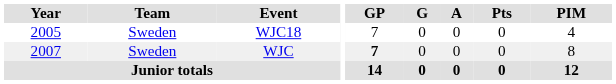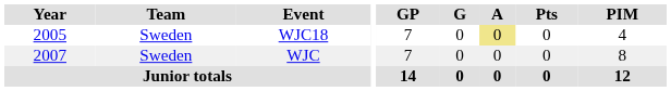 <table border="0" cellpadding="1" cellspacing="0" ID="Table3" style="text-align:center; width:40em">
 <tr ALIGN="center" bgcolor="#e0e0e0">
 <th>Year</th>
 <th>Team</th>
 <th>Event</th>
 <th rowspan="99" bgcolor="#ffffff"></th>
 <th>GP</th>
 <th>G</th>
 <th>A</th>
 <th>Pts</th>
 <th>PIM</th>
 </tr>
 <tr>
 <td><a href='#'>2005</a></td>
 <td><a href='#'>Sweden</a></td>
 <td><a href='#'>WJC18</a></td>
 <td>7</td>
 <td>0</td>
-<td>0</td>
+<td style="background: khaki;">0</td>
 <td>0</td>
 <td>4</td>
 </tr>
 <tr bgcolor="#f0f0f0">
 <td><a href='#'>2007</a></td>
 <td><a href='#'>Sweden</a></td>
 <td><a href='#'>WJC</a></td>
-<td><strong>7</strong></td>
+<td>7</td>
 <td>0</td>
 <td>0</td>
 <td>0</td>
 <td>8</td>
 </tr>
 <tr bgcolor="#e0e0e0">
 <th colspan="3">Junior totals</th>
 <th>14</th>
 <th>0</th>
 <th>0</th>
 <th>0</th>
 <th>12</th>
 </tr>
 </table>
